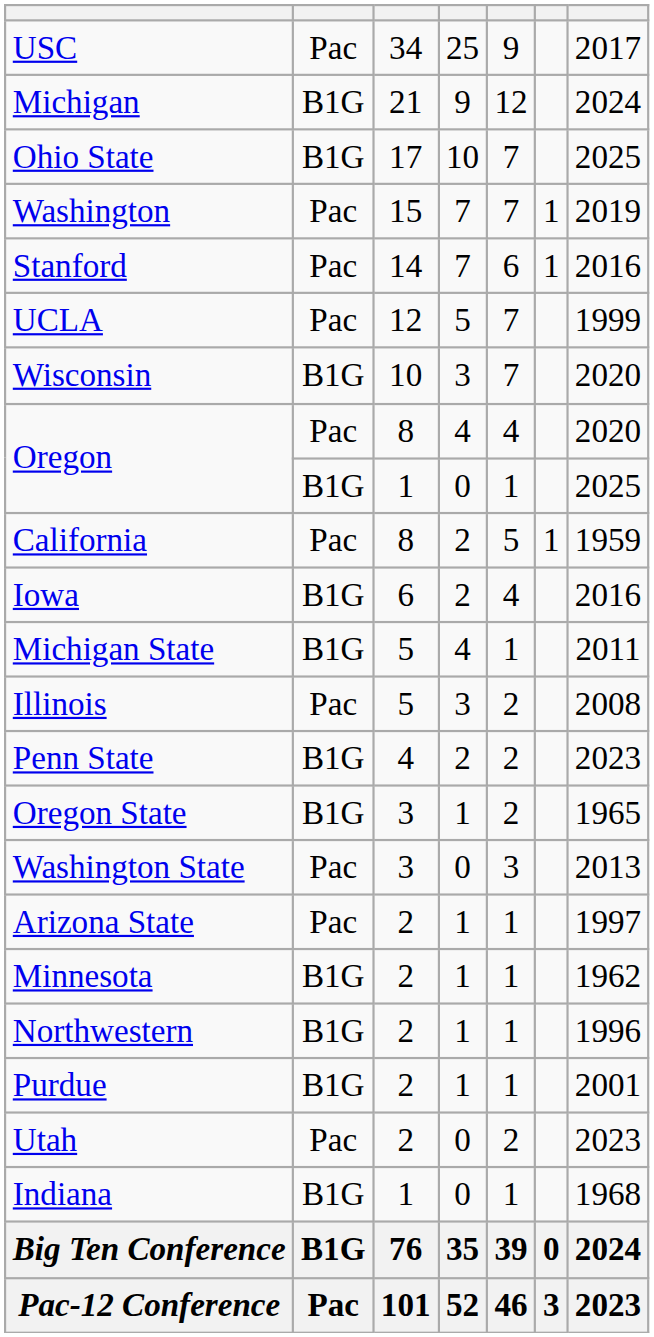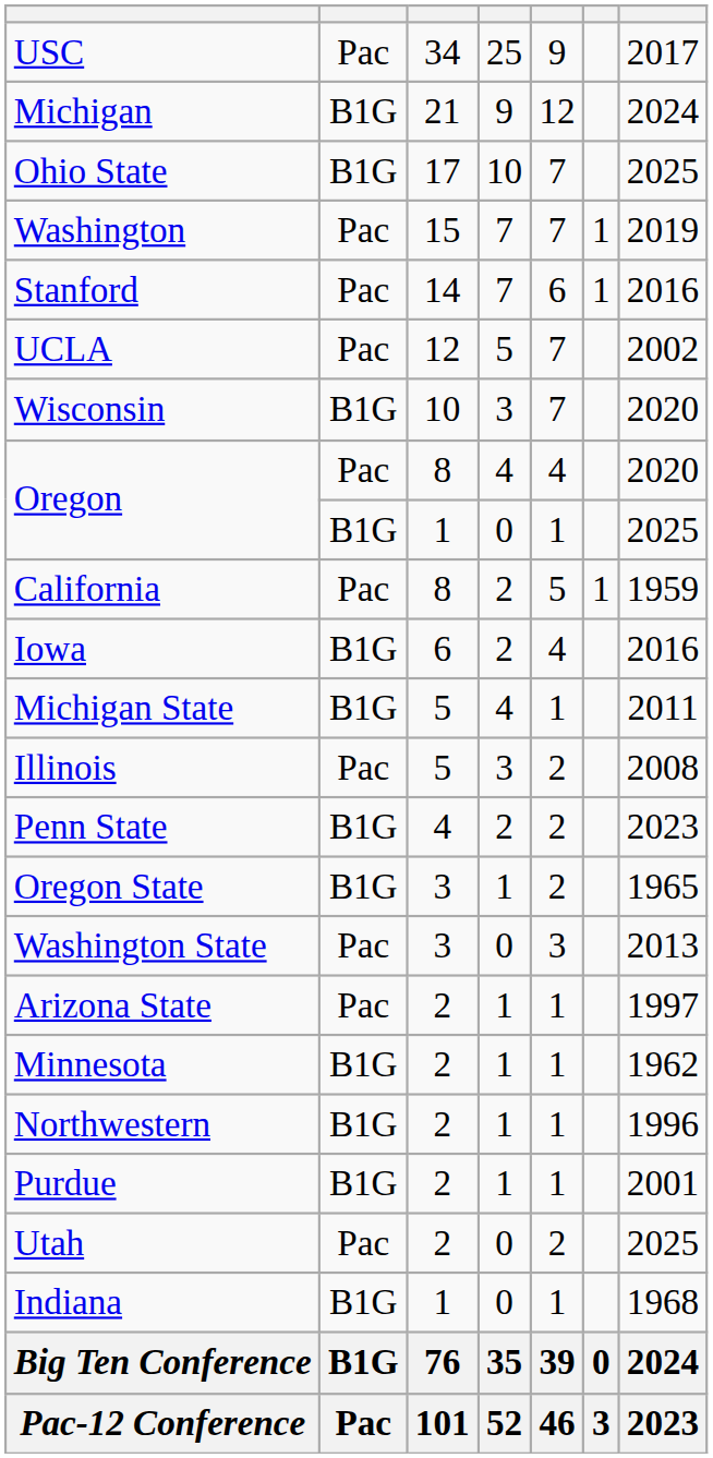 <table class="wikitable sortable" style="text-align:center; font-size: 95%;">
 <tr>
 <th></th>
 <th></th>
 <th></th>
 <th></th>
 <th></th>
 <th></th>
 <th></th>
 </tr>
 <tr>
 <td align=left><a href='#'>USC</a></td>
 <td>Pac</td>
 <td>34</td>
 <td>25</td>
 <td>9</td>
 <td></td>
 <td>2017</td>
 </tr>
 <tr>
 <td align=left><a href='#'>Michigan</a></td>
 <td>B1G</td>
 <td>21</td>
 <td>9</td>
 <td>12</td>
 <td></td>
 <td>2024</td>
 </tr>
 <tr>
 <td align=left><a href='#'>Ohio State</a></td>
 <td>B1G</td>
 <td>17</td>
 <td>10</td>
 <td>7</td>
 <td></td>
 <td>2025</td>
 </tr>
 <tr>
 <td align=left><a href='#'>Washington</a></td>
 <td>Pac</td>
 <td>15</td>
 <td>7</td>
 <td>7</td>
 <td>1</td>
 <td>2019</td>
 </tr>
 <tr>
 <td align=left><a href='#'>Stanford</a></td>
 <td>Pac</td>
 <td>14</td>
 <td>7</td>
 <td>6</td>
 <td>1</td>
 <td>2016</td>
 </tr>
 <tr>
 <td align=left><a href='#'>UCLA</a></td>
 <td>Pac</td>
 <td>12</td>
 <td>5</td>
 <td>7</td>
 <td></td>
-<td>1999</td>
+<td>2002</td>
 </tr>
 <tr>
 <td align=left><a href='#'>Wisconsin</a></td>
 <td>B1G</td>
 <td>10</td>
 <td>3</td>
 <td>7</td>
 <td></td>
 <td>2020</td>
 </tr>
 <tr>
 <td align=left rowspan=2><a href='#'>Oregon</a></td>
 <td>Pac</td>
 <td>8</td>
 <td>4</td>
 <td>4</td>
 <td></td>
 <td>2020</td>
 </tr>
 <tr>
 <td>B1G</td>
 <td>1</td>
 <td>0</td>
 <td>1</td>
 <td></td>
 <td>2025</td>
 </tr>
 <tr>
 <td align=left><a href='#'>California</a></td>
 <td>Pac</td>
 <td>8</td>
 <td>2</td>
 <td>5</td>
 <td>1</td>
 <td>1959</td>
 </tr>
 <tr>
 <td align=left><a href='#'>Iowa</a></td>
 <td>B1G</td>
 <td>6</td>
 <td>2</td>
 <td>4</td>
 <td></td>
 <td>2016</td>
 </tr>
 <tr>
 <td align=left><a href='#'>Michigan State</a></td>
 <td>B1G</td>
 <td>5</td>
 <td>4</td>
 <td>1</td>
 <td></td>
 <td>2011</td>
 </tr>
 <tr>
 <td align=left><a href='#'>Illinois</a></td>
 <td>Pac</td>
 <td>5</td>
 <td>3</td>
 <td>2</td>
 <td></td>
 <td>2008</td>
 </tr>
 <tr>
 <td align=left><a href='#'>Penn State</a></td>
 <td>B1G</td>
 <td>4</td>
 <td>2</td>
 <td>2</td>
 <td></td>
 <td>2023</td>
 </tr>
 <tr>
 <td align=left><a href='#'>Oregon State</a></td>
 <td>B1G</td>
 <td>3</td>
 <td>1</td>
 <td>2</td>
 <td></td>
 <td>1965</td>
 </tr>
 <tr>
 <td align=left><a href='#'>Washington State</a></td>
 <td>Pac</td>
 <td>3</td>
 <td>0</td>
 <td>3</td>
 <td></td>
 <td>2013</td>
 </tr>
 <tr>
 <td align=left><a href='#'>Arizona State</a></td>
 <td>Pac</td>
 <td>2</td>
 <td>1</td>
 <td>1</td>
 <td></td>
 <td>1997</td>
 </tr>
 <tr>
 <td align=left><a href='#'>Minnesota</a></td>
 <td>B1G</td>
 <td>2</td>
 <td>1</td>
 <td>1</td>
 <td></td>
 <td>1962</td>
 </tr>
 <tr>
 <td align=left><a href='#'>Northwestern</a></td>
 <td>B1G</td>
 <td>2</td>
 <td>1</td>
 <td>1</td>
 <td></td>
 <td>1996</td>
 </tr>
 <tr>
 <td align=left><a href='#'>Purdue</a></td>
 <td>B1G</td>
 <td>2</td>
 <td>1</td>
 <td>1</td>
 <td></td>
 <td>2001</td>
 </tr>
 <tr>
 <td align=left><a href='#'>Utah</a></td>
 <td>Pac</td>
 <td>2</td>
 <td>0</td>
 <td>2</td>
 <td></td>
-<td>2023</td>
+<td>2025</td>
 </tr>
 <tr>
 <td align=left><a href='#'>Indiana</a></td>
 <td>B1G</td>
 <td>1</td>
 <td>0</td>
 <td>1</td>
 <td></td>
 <td>1968</td>
 </tr>
 <tr class="sortbottom">
 <th align=left><em>Big Ten Conference</em></th>
 <th>B1G</th>
 <th>76</th>
 <th>35</th>
 <th>39</th>
 <th>0</th>
 <th>2024</th>
 </tr>
 <tr class="sortbottom">
 <th align=left><em>Pac-12 Conference</em></th>
 <th>Pac</th>
 <th>101</th>
 <th>52</th>
 <th>46</th>
 <th>3</th>
 <th>2023</th>
 </tr>
 </table>
